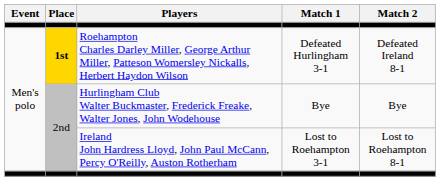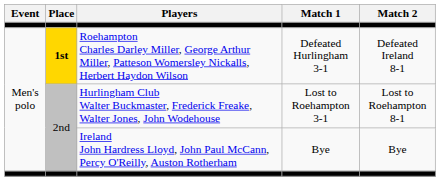 <table class=wikitable>
 <tr>
 <th>Event</th>
 <th>Place</th>
 <th>Players</th>
 <th>Match 1</th>
 <th>Match 2</th>
 </tr>
 <tr bgcolor=black>
 <td></td>
 <td></td>
 <td></td>
 <td></td>
 <td></td>
 </tr>
 <tr align=center>
 <td rowspan=3>Men's polo</td>
 <td bgcolor=gold><strong>1st</strong></td>
 <td align=left><a href='#'>Roehampton</a> <br> <a href='#'>Charles Darley Miller</a>, <a href='#'>George Arthur Miller</a>, <a href='#'>Patteson Womersley Nickalls</a>, <a href='#'>Herbert Haydon Wilson</a></td>
 <td>Defeated Hurlingham <br> 3-1</td>
 <td>Defeated Ireland <br> 8-1</td>
 </tr>
 <tr align=center>
 <td rowspan=2 bgcolor=silver>2nd</td>
 <td align=left><a href='#'>Hurlingham Club</a> <br> <a href='#'>Walter Buckmaster</a>, <a href='#'>Frederick Freake</a>, <a href='#'>Walter Jones</a>, <a href='#'>John Wodehouse</a></td>
-<td>Bye</td>
-<td>Bye</td>
+<td>Lost to Roehampton <br> 3-1</td>
+<td>Lost to Roehampton <br> 8-1</td>
 </tr>
 <tr align=center>
 <td align=left><a href='#'>Ireland</a> <br> <a href='#'>John Hardress Lloyd</a>, <a href='#'>John Paul McCann</a>, <a href='#'>Percy O'Reilly</a>, <a href='#'>Auston Rotherham</a></td>
-<td>Lost to Roehampton <br> 3-1</td>
-<td>Lost to Roehampton <br> 8-1</td>
+<td>Bye</td>
+<td>Bye</td>
 </tr>
 <tr bgcolor=black>
 <td></td>
 <td></td>
 <td></td>
 <td></td>
 <td></td>
 </tr>
 </table>
